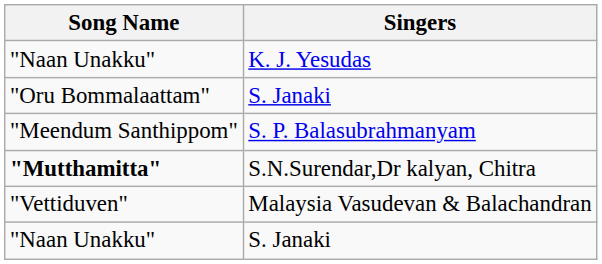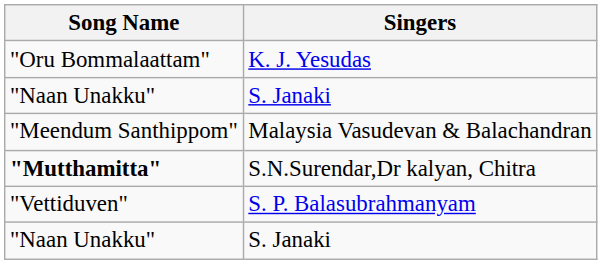 <table class="wikitable">
 <tr>
 <th>Song Name</th>
 <th>Singers</th>
 </tr>
 <tr>
-<td>"Naan Unakku"</td>
+<td>"Oru Bommalaattam"</td>
 <td><a href='#'>K. J. Yesudas</a></td>
 </tr>
 <tr>
-<td>"Oru Bommalaattam"</td>
+<td>"Naan Unakku"</td>
 <td><a href='#'>S. Janaki</a></td>
 </tr>
 <tr>
 <td>"Meendum Santhippom"</td>
-<td><a href='#'>S. P. Balasubrahmanyam</a></td>
+<td>Malaysia Vasudevan & Balachandran</td>
 </tr>
 <tr>
 <td><strong>"Mutthamitta"</strong></td>
 <td>S.N.Surendar,Dr kalyan, Chitra</td>
 </tr>
 <tr>
 <td>"Vettiduven"</td>
-<td>Malaysia Vasudevan & Balachandran</td>
+<td><a href='#'>S. P. Balasubrahmanyam</a></td>
 </tr>
 <tr>
 <td>"Naan Unakku"</td>
 <td>S. Janaki</td>
 </tr>
 </table>
